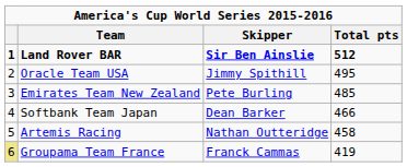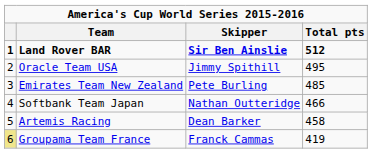 <table class="wikitable" style="display: inline-table;">
 <tr>
 <td colspan="6" style="text-align:center;"><strong>America's Cup World Series 2015-2016</strong></td>
 </tr>
 <tr>
 <th></th>
 <th>Team</th>
 <th>Skipper</th>
 <th>Total pts</th>
 </tr>
 <tr>
 <td><strong>1</strong></td>
 <td> <strong>Land Rover BAR</strong></td>
 <td><strong><a href='#'>Sir Ben Ainslie</a></strong></td>
 <td><strong>512</strong></td>
 </tr>
 <tr>
 <td>2</td>
 <td> <a href='#'>Oracle Team USA</a></td>
 <td><a href='#'>Jimmy Spithill</a></td>
 <td>495</td>
 </tr>
 <tr>
 <td>3</td>
 <td> <a href='#'>Emirates Team New Zealand</a></td>
 <td><a href='#'>Pete Burling</a></td>
 <td>485</td>
 </tr>
 <tr>
 <td>4</td>
 <td> Softbank Team Japan</td>
-<td><a href='#'>Dean Barker</a></td>
+<td><a href='#'>Nathan Outteridge</a></td>
 <td>466</td>
 </tr>
 <tr>
 <td>5</td>
 <td> <a href='#'>Artemis Racing</a></td>
-<td><a href='#'>Nathan Outteridge</a></td>
+<td><a href='#'>Dean Barker</a></td>
 <td>458</td>
 </tr>
 <tr>
 <td style="background: khaki;">6</td>
 <td> <a href='#'>Groupama Team France</a></td>
 <td><a href='#'>Franck Cammas</a></td>
 <td>419</td>
 </tr>
 </table>
